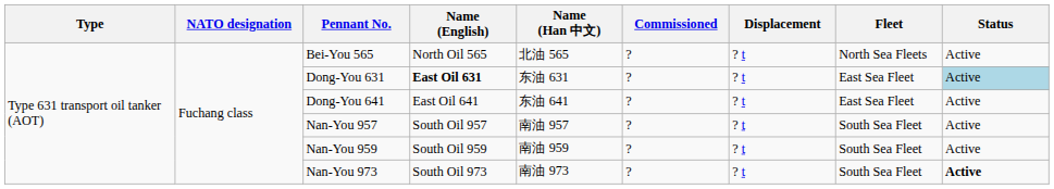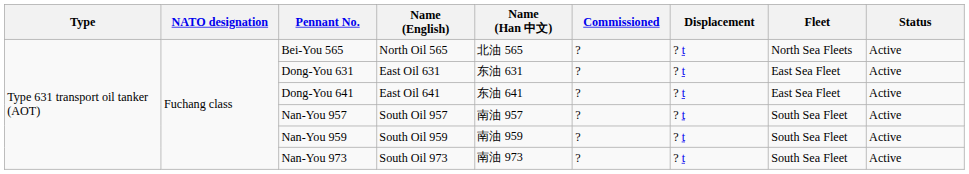 <table class="wikitable sortable"  style="margin:auto; width:100%;">
 <tr>
 <th style="text-align:center; width:16%;">Type</th>
 <th style="text-align:center; width:12%;"><a href='#'>NATO designation</a></th>
 <th style="text-align:center; width:10%;"><a href='#'>Pennant No.</a></th>
 <th style="text-align:center; width:10%;">Name<br>(English)</th>
 <th style="text-align:center; width:10%;">Name<br>(Han 中文)</th>
 <th style="text-align:center; width:10%;"><a href='#'>Commissioned</a></th>
 <th style="text-align:center; width:10%;">Displacement</th>
 <th style="text-align:center; width:10%;">Fleet</th>
 <th style="text-align:center; width:10%;">Status</th>
 </tr>
 <tr>
 <td rowspan="6">Type 631 transport oil tanker (AOT)</td>
 <td rowspan="6">Fuchang class</td>
 <td>Bei-You 565</td>
 <td>North Oil 565</td>
 <td>北油 565</td>
 <td>?</td>
 <td>? <a href='#'>t</a></td>
 <td>North Sea Fleets</td>
 <td><span>Active</span></td>
 </tr>
 <tr>
 <td>Dong-You 631</td>
-<td><strong>East Oil 631</strong></td>
+<td>East Oil 631</td>
 <td>东油 631</td>
 <td>?</td>
 <td>? <a href='#'>t</a></td>
 <td>East Sea Fleet</td>
-<td style="background: lightblue;"><span>Active</span></td>
+<td><span>Active</span></td>
 </tr>
 <tr>
 <td>Dong-You 641</td>
 <td>East Oil 641</td>
 <td>东油 641</td>
 <td>?</td>
 <td>? <a href='#'>t</a></td>
 <td>East Sea Fleet</td>
 <td><span>Active</span></td>
 </tr>
 <tr>
 <td>Nan-You 957</td>
 <td>South Oil 957</td>
 <td>南油 957</td>
 <td>?</td>
 <td>? <a href='#'>t</a></td>
 <td>South Sea Fleet</td>
 <td><span>Active</span></td>
 </tr>
 <tr>
 <td>Nan-You 959</td>
 <td>South Oil 959</td>
 <td>南油 959</td>
 <td>?</td>
 <td>? <a href='#'>t</a></td>
 <td>South Sea Fleet</td>
 <td><span>Active</span></td>
 </tr>
 <tr>
 <td>Nan-You 973</td>
 <td>South Oil 973</td>
 <td>南油 973</td>
 <td>?</td>
 <td>? <a href='#'>t</a></td>
 <td>South Sea Fleet</td>
-<td><strong><span>Active</span></strong></td>
+<td><span>Active</span></td>
 </tr>
 </table>
